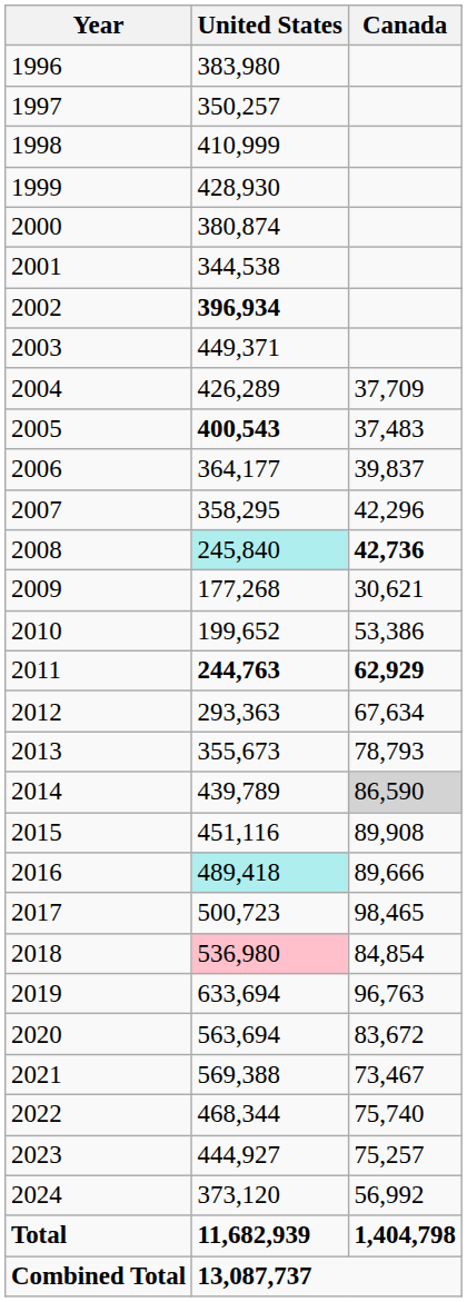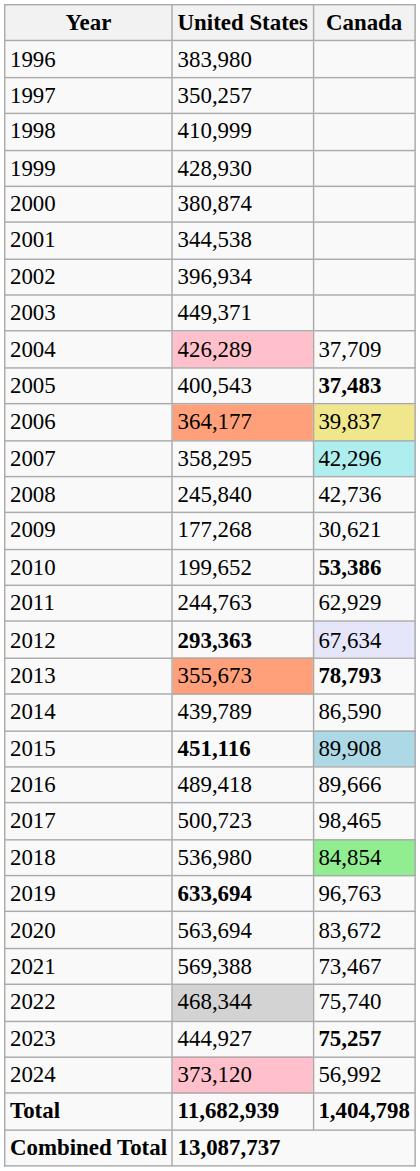 <table class="wikitable">
 <tr>
 <th>Year</th>
 <th>United States</th>
 <th>Canada</th>
 </tr>
 <tr>
 <td>1996 </td>
 <td>383,980</td>
 <td></td>
 </tr>
 <tr>
 <td>1997</td>
 <td>350,257</td>
 <td></td>
 </tr>
 <tr>
 <td>1998</td>
 <td>410,999</td>
 <td></td>
 </tr>
 <tr>
 <td>1999</td>
 <td>428,930</td>
 <td></td>
 </tr>
 <tr>
 <td>2000</td>
 <td>380,874</td>
 <td></td>
 </tr>
 <tr>
 <td>2001</td>
 <td>344,538</td>
 <td></td>
 </tr>
 <tr>
 <td>2002</td>
-<td><strong>396,934</strong></td>
+<td>396,934</td>
 <td></td>
 </tr>
 <tr>
 <td>2003</td>
 <td>449,371</td>
 <td></td>
 </tr>
 <tr>
 <td>2004</td>
-<td>426,289</td>
+<td style="background: pink;">426,289</td>
 <td>37,709</td>
 </tr>
 <tr>
 <td>2005</td>
-<td><strong>400,543</strong></td>
-<td>37,483</td>
+<td>400,543</td>
+<td><strong>37,483</strong></td>
 </tr>
 <tr>
 <td>2006</td>
-<td>364,177</td>
-<td>39,837</td>
+<td style="background: lightsalmon;">364,177</td>
+<td style="background: khaki;">39,837</td>
 </tr>
 <tr>
 <td>2007</td>
 <td>358,295</td>
-<td>42,296</td>
+<td style="background: paleturquoise;">42,296</td>
 </tr>
 <tr>
 <td>2008</td>
-<td style="background: paleturquoise;">245,840</td>
-<td><strong>42,736</strong></td>
+<td>245,840</td>
+<td>42,736</td>
 </tr>
 <tr>
 <td>2009</td>
 <td>177,268</td>
 <td>30,621</td>
 </tr>
 <tr>
 <td>2010</td>
 <td>199,652</td>
-<td>53,386</td>
+<td><strong>53,386</strong></td>
 </tr>
 <tr>
 <td>2011</td>
-<td><strong>244,763</strong></td>
-<td><strong>62,929</strong></td>
+<td>244,763</td>
+<td>62,929</td>
 </tr>
 <tr>
 <td>2012</td>
-<td>293,363</td>
-<td>67,634</td>
+<td><strong>293,363</strong></td>
+<td style="background: lavender;">67,634</td>
 </tr>
 <tr>
 <td>2013</td>
-<td>355,673</td>
-<td>78,793</td>
+<td style="background: lightsalmon;">355,673</td>
+<td><strong>78,793</strong></td>
 </tr>
 <tr>
 <td>2014</td>
 <td>439,789</td>
-<td style="background: lightgrey;">86,590</td>
+<td>86,590</td>
 </tr>
 <tr>
 <td>2015</td>
-<td>451,116</td>
-<td>89,908</td>
+<td><strong>451,116</strong></td>
+<td style="background: lightblue;">89,908</td>
 </tr>
 <tr>
 <td>2016</td>
-<td style="background: paleturquoise;">489,418</td>
+<td>489,418</td>
 <td>89,666</td>
 </tr>
 <tr>
 <td>2017</td>
 <td>500,723</td>
 <td>98,465</td>
 </tr>
 <tr>
 <td>2018</td>
-<td style="background: pink;">536,980</td>
-<td>84,854</td>
+<td>536,980</td>
+<td style="background: lightgreen;">84,854</td>
 </tr>
 <tr>
 <td>2019</td>
-<td>633,694</td>
+<td><strong>633,694</strong></td>
 <td>96,763</td>
 </tr>
 <tr>
 <td>2020</td>
 <td>563,694</td>
 <td>83,672</td>
 </tr>
 <tr>
 <td>2021</td>
 <td>569,388</td>
 <td>73,467</td>
 </tr>
 <tr>
 <td>2022</td>
-<td>468,344</td>
+<td style="background: lightgrey;">468,344</td>
 <td>75,740</td>
 </tr>
 <tr>
 <td>2023</td>
 <td>444,927</td>
-<td>75,257</td>
+<td><strong>75,257</strong></td>
 </tr>
 <tr>
 <td>2024</td>
-<td>373,120</td>
+<td style="background: pink;">373,120</td>
 <td>56,992</td>
 </tr>
 <tr>
 <td><strong>Total</strong></td>
 <td><strong>11,682,939</strong></td>
 <td><strong>1,404,798</strong></td>
 </tr>
 <tr>
 <td><strong>Combined Total</strong></td>
 <td colspan="3"><strong>13,087,737</strong></td>
 </tr>
 </table>
